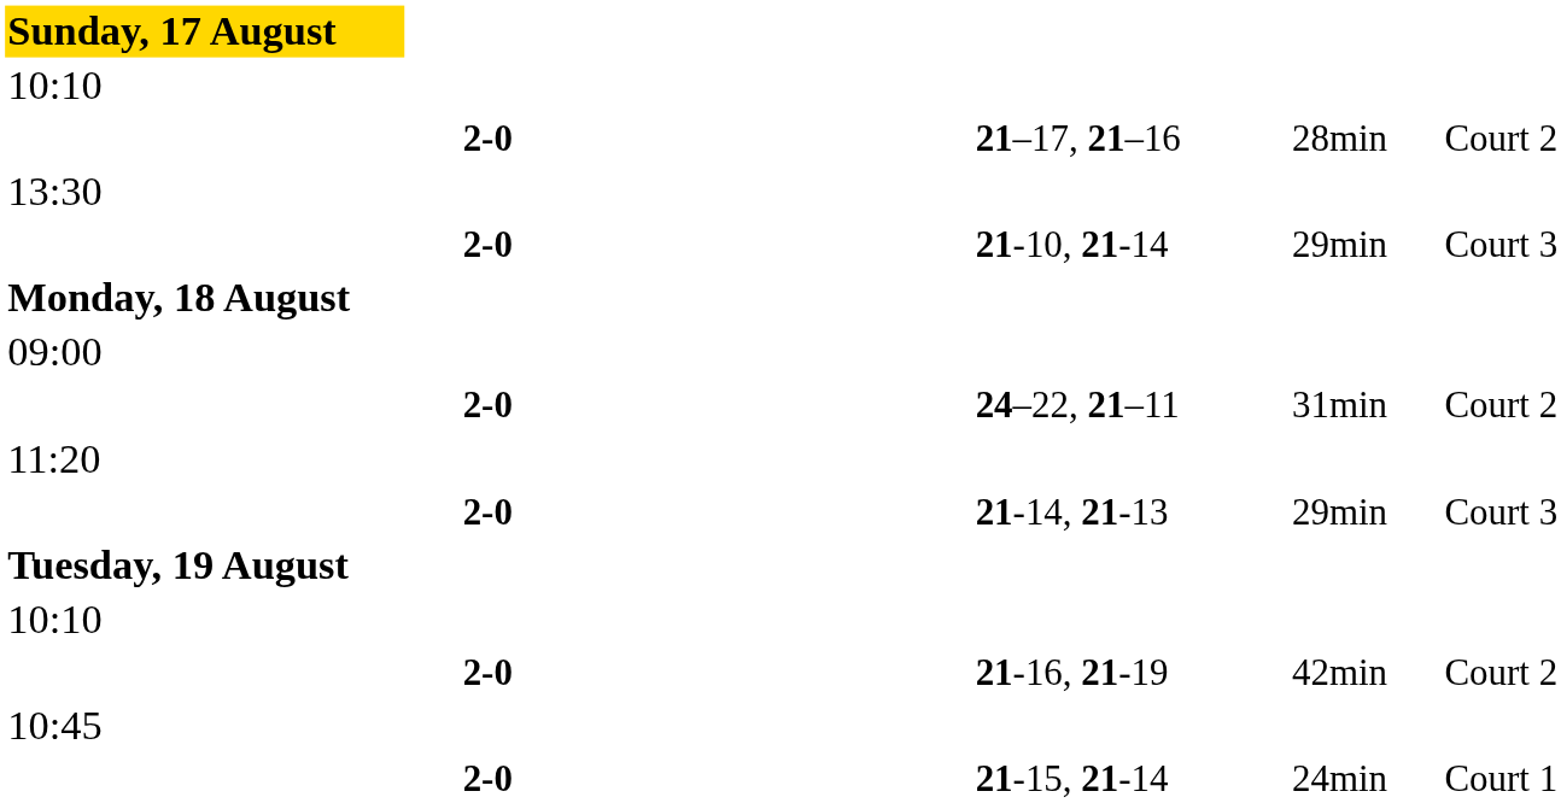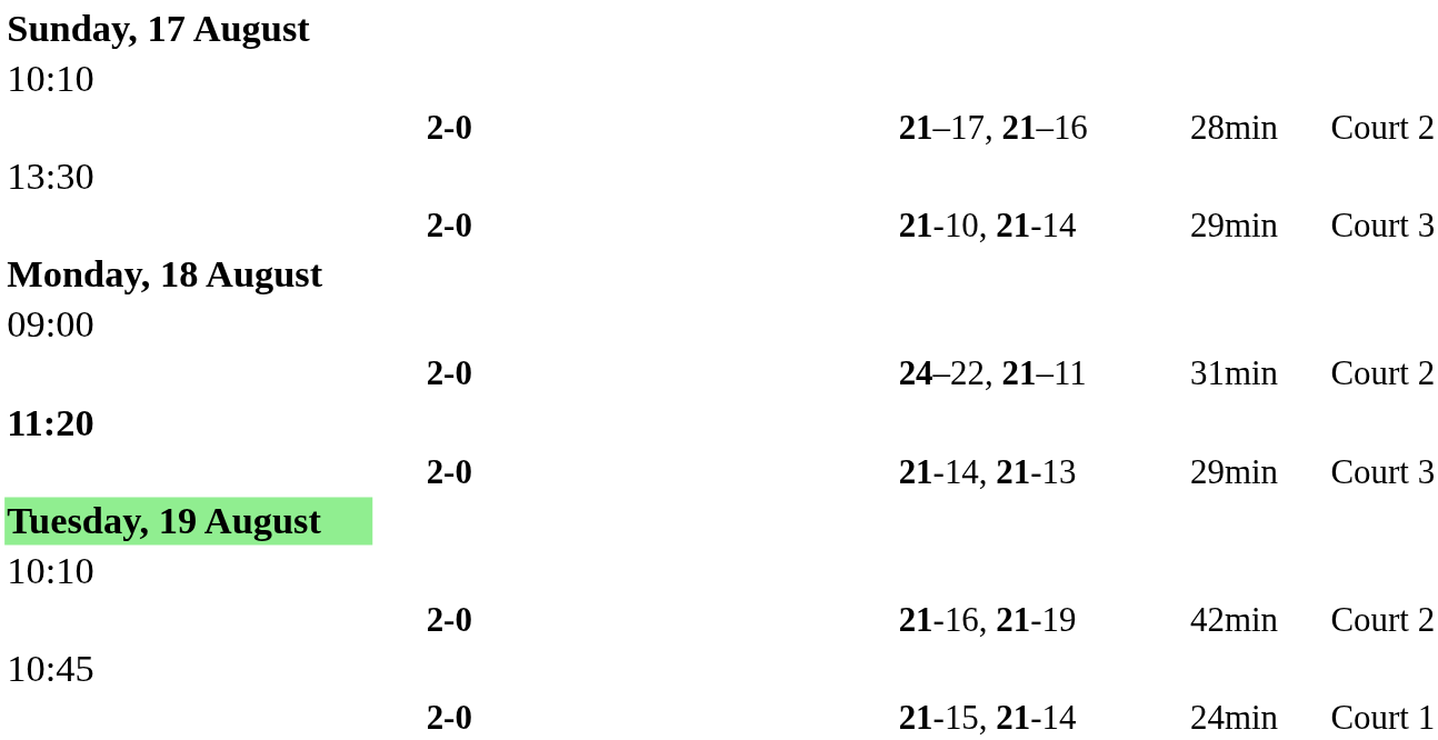 <table style="width:100%;" cellspacing="1">
 <tr>
 <th width=25%></th>
 <th width=10%></th>
 <th width=25%></th>
 </tr>
 <tr>
-<td style="background: gold;"><strong>Sunday, 17 August</strong></td>
+<td><strong>Sunday, 17 August</strong></td>
 </tr>
 <tr>
 <td>10:10</td>
 </tr>
 <tr style=font-size:90%>
 <td align=right><strong></strong></td>
 <td align=center><strong> 2-0 </strong></td>
 <td></td>
 <td><strong>21</strong>–17, <strong>21</strong>–16</td>
 <td>28min</td>
 <td>Court 2</td>
 </tr>
 <tr>
 <td>13:30</td>
 </tr>
 <tr style=font-size:90%>
 <td align=right><strong></strong></td>
 <td align=center><strong> 2-0 </strong></td>
 <td></td>
 <td><strong>21</strong>-10, <strong>21</strong>-14</td>
 <td>29min</td>
 <td>Court 3</td>
 </tr>
 <tr>
 <td><strong>Monday, 18 August</strong></td>
 </tr>
 <tr>
 <td>09:00</td>
 </tr>
 <tr style=font-size:90%>
 <td align=right><strong></strong></td>
 <td align=center><strong> 2-0 </strong></td>
 <td></td>
 <td><strong>24</strong>–22, <strong>21</strong>–11</td>
 <td>31min</td>
 <td>Court 2</td>
 </tr>
 <tr>
-<td>11:20</td>
+<td><strong>11:20</strong></td>
 </tr>
 <tr style=font-size:90%>
 <td align=right><strong></strong></td>
 <td align=center><strong> 2-0 </strong></td>
 <td></td>
 <td><strong>21</strong>-14, <strong>21</strong>-13</td>
 <td>29min</td>
 <td>Court 3</td>
 </tr>
 <tr>
-<td><strong>Tuesday, 19 August</strong></td>
+<td style="background: lightgreen;"><strong>Tuesday, 19 August</strong></td>
 </tr>
 <tr>
 <td>10:10</td>
 </tr>
 <tr style=font-size:90%>
 <td align=right><strong></strong></td>
 <td align=center><strong> 2-0 </strong></td>
 <td></td>
 <td><strong>21</strong>-16, <strong>21</strong>-19</td>
 <td>42min</td>
 <td>Court 2</td>
 </tr>
 <tr>
 <td>10:45</td>
 </tr>
 <tr style=font-size:90%>
 <td align=right><strong></strong></td>
 <td align=center><strong> 2-0 </strong></td>
 <td></td>
 <td><strong>21</strong>-15, <strong>21</strong>-14</td>
 <td>24min</td>
 <td>Court 1</td>
 </tr>
 </table>
